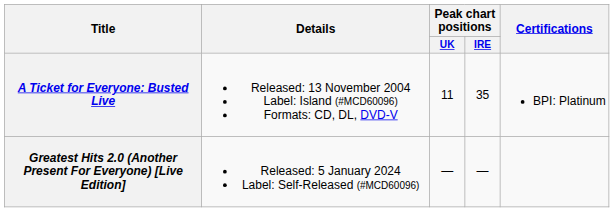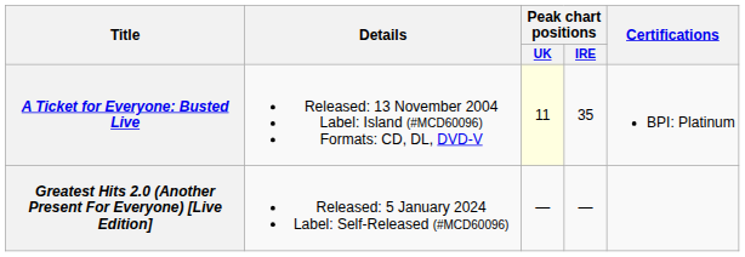 <table class="wikitable plainrowheaders" style="text-align:center;">
 <tr>
 <th scope="col" rowspan="2" style="width:16em;">Title</th>
 <th scope="col" rowspan="2" style="width:18.5em;">Details</th>
 <th scope="col" colspan="2">Peak chart positions</th>
 <th scope="col" rowspan="2"><a href='#'>Certifications</a></th>
 </tr>
 <tr>
 <th scope="col" style="width:3em;font-size:85%;"><a href='#'>UK</a><br></th>
 <th scope="col" style="width:3em;font-size:85%;"><a href='#'>IRE</a><br></th>
 </tr>
 <tr>
 <th scope="row"><em><a href='#'>A Ticket for Everyone: Busted Live</a></em></th>
 <td><br><ul><li>Released: 13 November 2004</li><li>Label: Island <small>(#MCD60096)</small></li><li>Formats: CD, DL, <a href='#'>DVD-V</a></li></ul></td>
-<td>11</td>
+<td style="background: lightyellow;">11</td>
 <td>35</td>
 <td><br><ul><li>BPI: Platinum</li></ul></td>
 </tr>
 <tr>
 <th scope="row"><em>Greatest Hits 2.0 (Another Present For Everyone) [Live Edition]</em></th>
 <td><br><ul><li>Released: 5 January 2024</li><li>Label: Self-Released <small>(#MCD60096)</small></li></ul></td>
 <td>—</td>
 <td>—</td>
 <td></td>
 </tr>
 </table>
